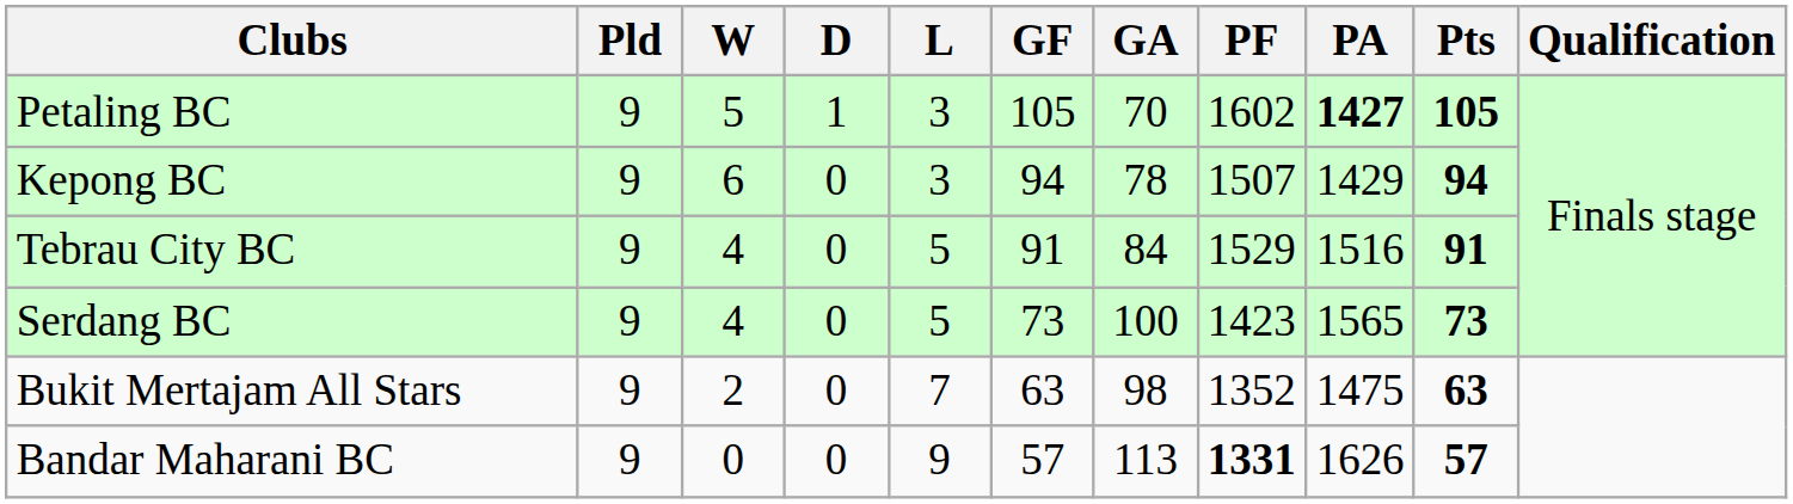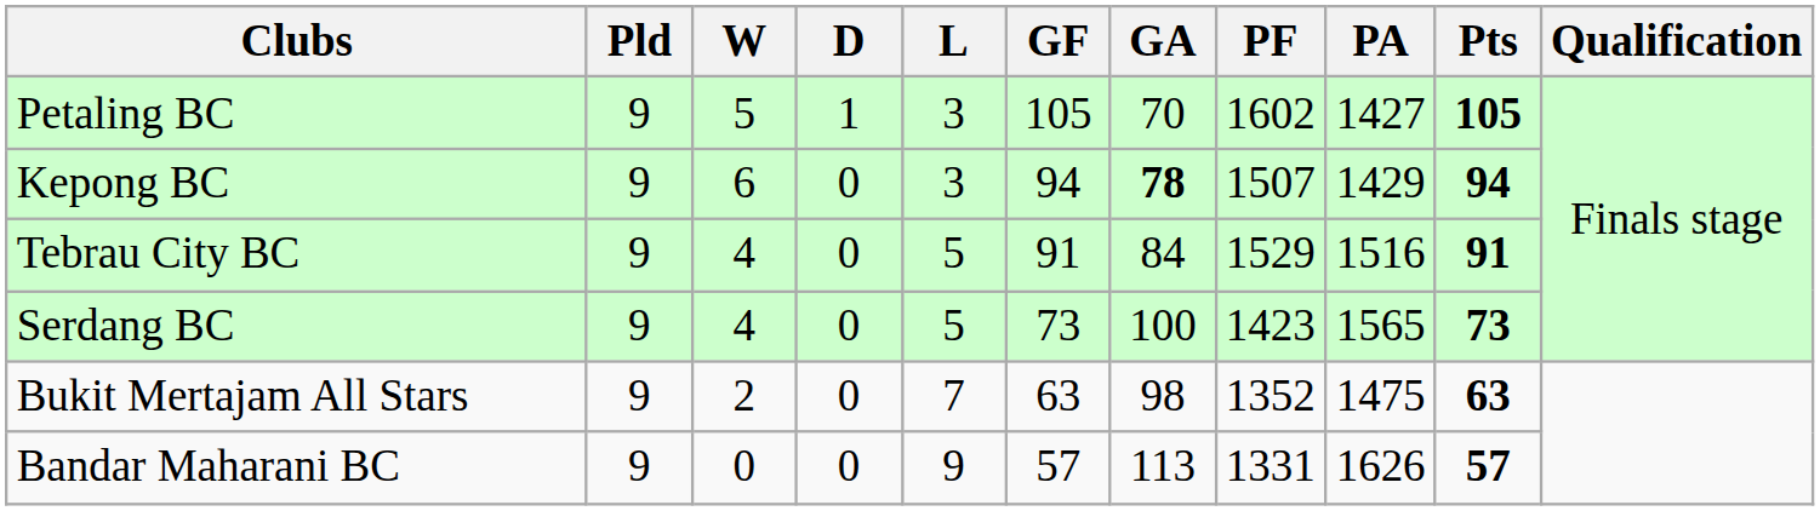 <table class=wikitable style="text-align:center">
 <tr>
 <th width=200>Clubs</th>
 <th width=30>Pld</th>
 <th width=30>W</th>
 <th width=30>D</th>
 <th width=30>L</th>
 <th width=30>GF</th>
 <th width=30>GA</th>
 <th width=30>PF</th>
 <th width=30>PA</th>
 <th width=30>Pts</th>
 <th width=80>Qualification</th>
 </tr>
 <tr bgcolor=ccffcc>
 <td style="text-align:left"> Petaling BC</td>
 <td>9</td>
 <td>5</td>
 <td>1</td>
 <td>3</td>
 <td>105</td>
 <td>70</td>
 <td>1602</td>
-<td><strong>1427</strong></td>
+<td>1427</td>
 <td><strong>105</strong></td>
 <td rowspan="4">Finals stage</td>
 </tr>
 <tr bgcolor=ccffcc>
 <td style="text-align:left"> Kepong BC</td>
 <td>9</td>
 <td>6</td>
 <td>0</td>
 <td>3</td>
 <td>94</td>
-<td>78</td>
+<td><strong>78</strong></td>
 <td>1507</td>
 <td>1429</td>
 <td><strong>94</strong></td>
 </tr>
 <tr bgcolor=ccffcc>
 <td style="text-align:left"> Tebrau City BC</td>
 <td>9</td>
 <td>4</td>
 <td>0</td>
 <td>5</td>
 <td>91</td>
 <td>84</td>
 <td>1529</td>
 <td>1516</td>
 <td><strong>91</strong></td>
 </tr>
 <tr bgcolor=ccffcc>
 <td style="text-align:left"> Serdang BC</td>
 <td>9</td>
 <td>4</td>
 <td>0</td>
 <td>5</td>
 <td>73</td>
 <td>100</td>
 <td>1423</td>
 <td>1565</td>
 <td><strong>73</strong></td>
 </tr>
 <tr bgcolor=>
 <td style="text-align:left"> Bukit Mertajam All Stars</td>
 <td>9</td>
 <td>2</td>
 <td>0</td>
 <td>7</td>
 <td>63</td>
 <td>98</td>
 <td>1352</td>
 <td>1475</td>
 <td><strong>63</strong></td>
 <td rowspan="2"></td>
 </tr>
 <tr bgcolor=>
 <td style="text-align:left"> Bandar Maharani BC</td>
 <td>9</td>
 <td>0</td>
 <td>0</td>
 <td>9</td>
 <td>57</td>
 <td>113</td>
-<td><strong>1331</strong></td>
+<td>1331</td>
 <td>1626</td>
 <td><strong>57</strong></td>
 </tr>
 </table>
